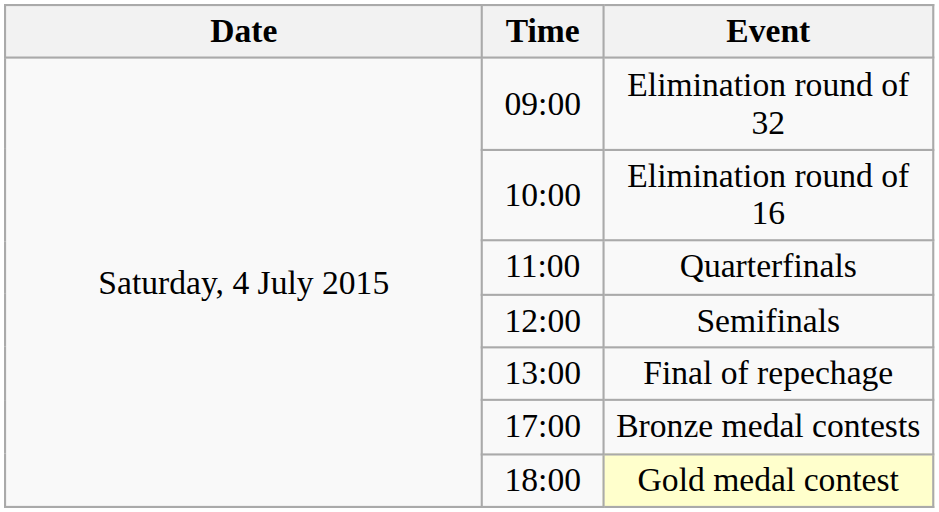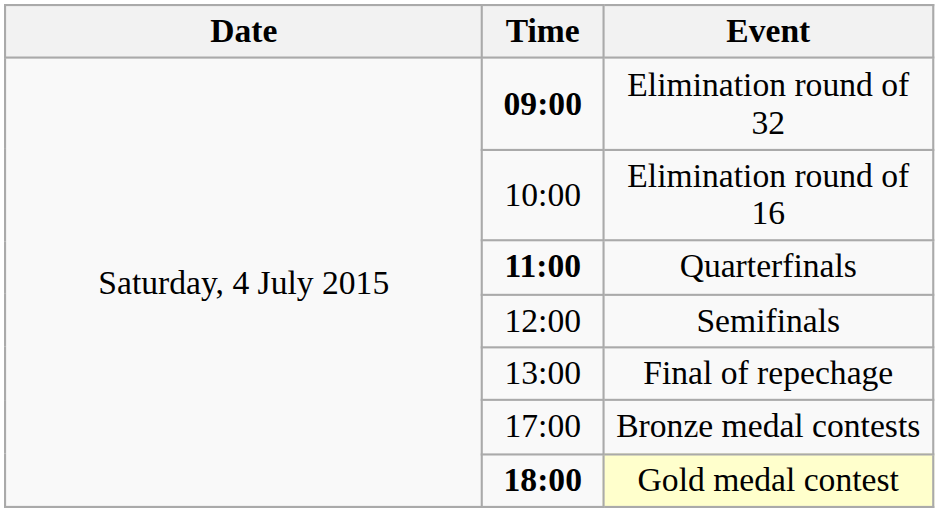 <table class = "wikitable" style="text-align:center;">
 <tr>
 <th width=220>Date</th>
 <th width=50>Time</th>
 <th width=150>Event</th>
 </tr>
 <tr>
 <td rowspan=7>Saturday, 4 July 2015</td>
-<td>09:00</td>
+<td><strong>09:00</strong></td>
 <td>Elimination round of 32</td>
 </tr>
 <tr>
 <td>10:00</td>
 <td>Elimination round of 16</td>
 </tr>
 <tr>
-<td>11:00</td>
+<td><strong>11:00</strong></td>
 <td>Quarterfinals</td>
 </tr>
 <tr>
 <td>12:00</td>
 <td>Semifinals</td>
 </tr>
 <tr>
 <td>13:00</td>
 <td>Final of repechage</td>
 </tr>
 <tr>
 <td>17:00</td>
 <td>Bronze medal contests</td>
 </tr>
 <tr>
-<td>18:00</td>
+<td><strong>18:00</strong></td>
 <td bgcolor=ffffcc>Gold medal contest</td>
 </tr>
 </table>
